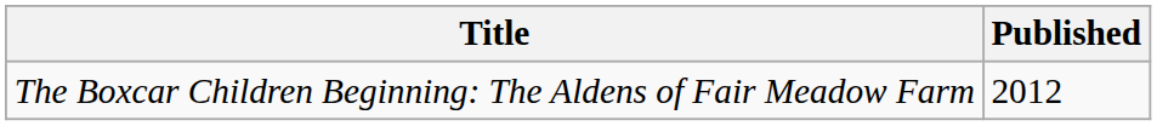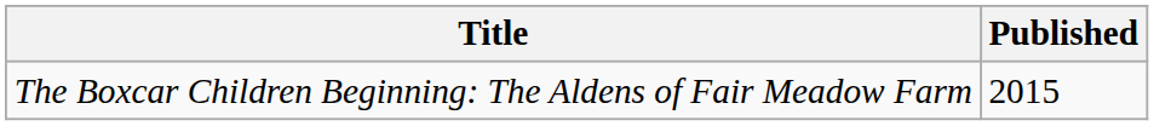 <table class="wikitable sortable">
 <tr>
 <th>Title</th>
 <th class="unsortable">Published</th>
 </tr>
 <tr>
 <td><em>The Boxcar Children Beginning: The Aldens of Fair Meadow Farm</em></td>
-<td>2012</td>
+<td>2015</td>
 </tr>
 </table>
